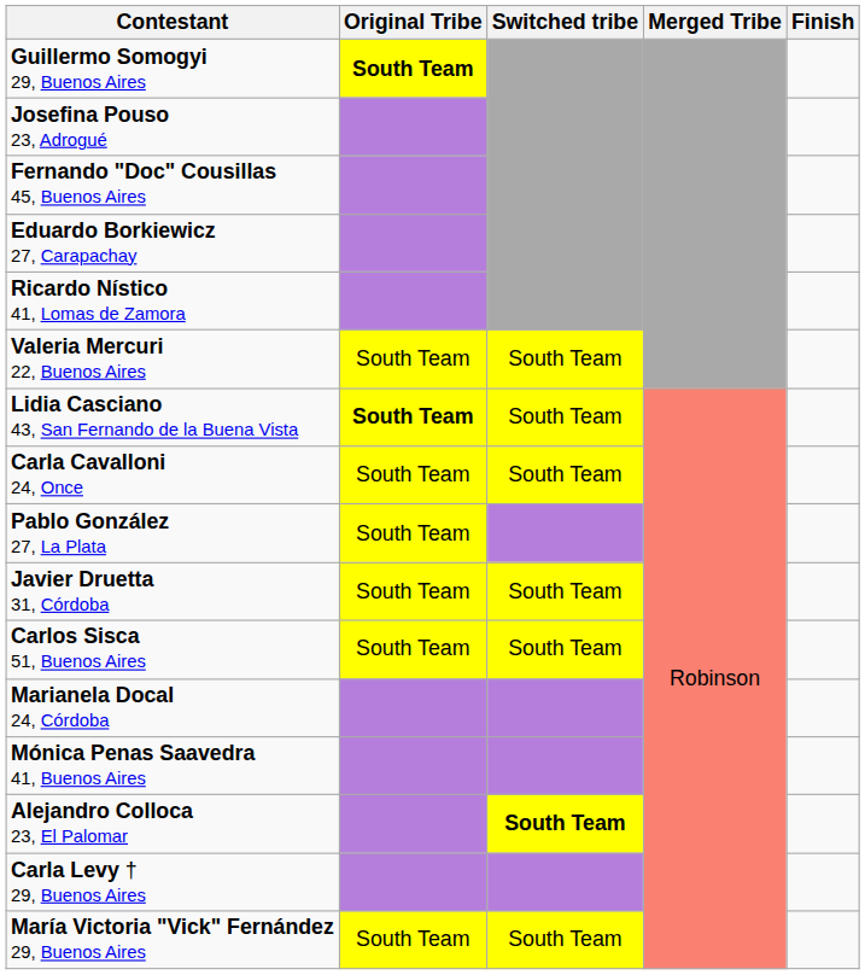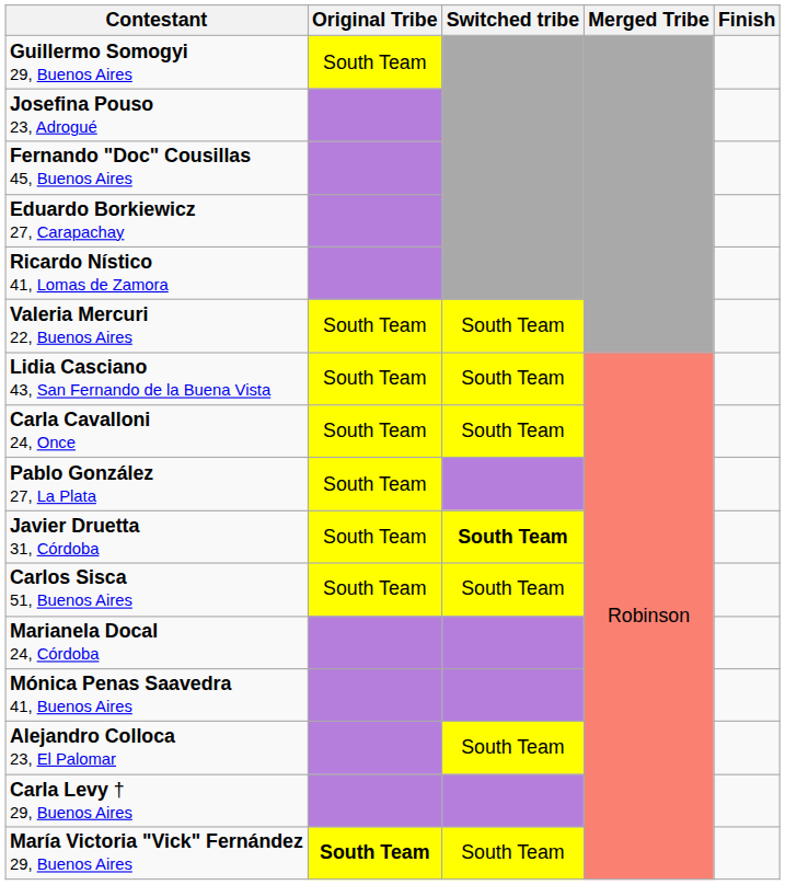 <table class="wikitable sortable" style="margin:auto; text-align:center">
 <tr>
 <th>Contestant</th>
 <th>Original Tribe</th>
 <th>Switched tribe</th>
 <th>Merged Tribe</th>
 <th>Finish</th>
 </tr>
 <tr>
 <td align="left"><strong>Guillermo Somogyi</strong><br><small>29, <a href='#'>Buenos Aires</a></small></td>
-<td bgcolor="yellow"><strong>South Team</strong></td>
+<td bgcolor="yellow">South Team</td>
 <td style="background:darkgrey;" rowspan="5"></td>
 <td style="background:darkgrey;" rowspan="6"></td>
 <td></td>
 </tr>
 <tr>
 <td align="left"><strong>Josefina Pouso</strong><br><small>23, <a href='#'>Adrogué</a></small></td>
 <td bgcolor="#b57edc"></td>
 <td></td>
 </tr>
 <tr>
 <td align="left"><strong>Fernando "Doc" Cousillas</strong><br><small>45, <a href='#'>Buenos Aires</a></small></td>
 <td bgcolor="#b57edc"></td>
 <td></td>
 </tr>
 <tr>
 <td align="left"><strong>Eduardo Borkiewicz</strong> <br><small>27, <a href='#'>Carapachay</a></small></td>
 <td bgcolor="#b57edc"></td>
 <td></td>
 </tr>
 <tr>
 <td align="left"><strong>Ricardo Nístico</strong><br><small>41, <a href='#'>Lomas de Zamora</a></small></td>
 <td bgcolor="#b57edc"></td>
 <td></td>
 </tr>
 <tr>
 <td align="left"><strong>Valeria Mercuri</strong><br><small>22, <a href='#'>Buenos Aires</a></small></td>
 <td bgcolor="yellow">South Team</td>
 <td bgcolor="yellow">South Team</td>
 <td></td>
 </tr>
 <tr>
 <td align="left"><strong>Lidia Casciano</strong><br><small>43, <a href='#'>San Fernando de la Buena Vista</a></small></td>
-<td bgcolor="yellow"><strong>South Team</strong></td>
+<td bgcolor="yellow">South Team</td>
 <td bgcolor="yellow">South Team</td>
 <td rowspan="10" bgcolor="salmon">Robinson</td>
 <td></td>
 </tr>
 <tr>
 <td align="left"><strong>Carla Cavalloni</strong><br><small>24, <a href='#'>Once</a></small></td>
 <td bgcolor="yellow">South Team</td>
 <td bgcolor="yellow">South Team</td>
 <td></td>
 </tr>
 <tr>
 <td align="left"><strong>Pablo González</strong><br><small>27, <a href='#'>La Plata</a></small></td>
 <td bgcolor="yellow">South Team</td>
 <td bgcolor="#b57edc"></td>
 <td></td>
 </tr>
 <tr>
 <td align="left"><strong>Javier Druetta</strong><br><small>31, <a href='#'>Córdoba</a></small></td>
 <td bgcolor="yellow">South Team</td>
-<td bgcolor="yellow">South Team</td>
+<td bgcolor="yellow"><strong>South Team</strong></td>
 <td></td>
 </tr>
 <tr>
 <td align="left"><strong>Carlos Sisca</strong><br><small>51, <a href='#'>Buenos Aires</a></small></td>
 <td bgcolor="yellow">South Team</td>
 <td bgcolor="yellow">South Team</td>
 <td></td>
 </tr>
 <tr>
 <td align="left"><strong>Marianela Docal</strong><br><small>24, <a href='#'>Córdoba</a></small></td>
 <td bgcolor="#b57edc"></td>
 <td bgcolor="#b57edc"></td>
 <td></td>
 </tr>
 <tr>
 <td align="left"><strong>Mónica Penas Saavedra</strong><br><small>41, <a href='#'>Buenos Aires</a></small></td>
 <td bgcolor="#b57edc"></td>
 <td bgcolor="#b57edc"></td>
 <td></td>
 </tr>
 <tr>
 <td align="left"><strong>Alejandro Colloca</strong><br><small>23, <a href='#'>El Palomar</a></small></td>
 <td bgcolor="#b57edc"></td>
-<td bgcolor="yellow"><strong>South Team</strong></td>
+<td bgcolor="yellow">South Team</td>
 <td></td>
 </tr>
 <tr>
 <td align="left"><strong>Carla Levy</strong> †<br><small>29, <a href='#'>Buenos Aires</a></small></td>
 <td bgcolor="#b57edc"></td>
 <td bgcolor="#b57edc"></td>
 <td></td>
 </tr>
 <tr>
 <td align="left"><strong>María Victoria "Vick" Fernández</strong><br><small>29, <a href='#'>Buenos Aires</a></small></td>
-<td bgcolor="yellow">South Team</td>
+<td bgcolor="yellow"><strong>South Team</strong></td>
 <td bgcolor="yellow">South Team</td>
 <td></td>
 </tr>
 </table>
